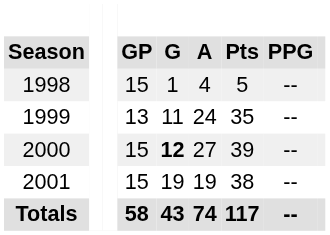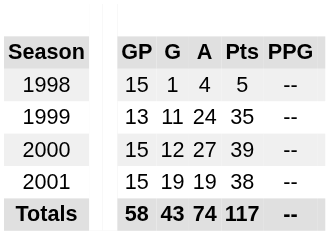 <table BORDER="0" CELLPADDING="3" CELLSPACING="0">
 <tr ALIGN="center" bgcolor="#e0e0e0">
 <th colspan="1" bgcolor="#ffffff"> </th>
 <th rowspan="99" bgcolor="#ffffff"> </th>
 <th rowspan="99" bgcolor="#ffffff"> </th>
 </tr>
 <tr ALIGN="center" bgcolor="#e0e0e0">
 <th>Season</th>
 <th>GP</th>
 <th>G</th>
 <th>A</th>
 <th>Pts</th>
 <th>PPG</th>
 <th></th>
 </tr>
 <tr ALIGN="center" bgcolor="#f0f0f0">
 <td>1998</td>
 <td>15</td>
 <td>1</td>
 <td>4</td>
 <td>5</td>
 <td>--</td>
 <td></td>
 </tr>
 <tr ALIGN="center">
 <td>1999</td>
 <td>13</td>
 <td>11</td>
 <td>24</td>
 <td>35</td>
 <td>--</td>
 <td></td>
 </tr>
 <tr ALIGN="center" bgcolor="#f0f0f0">
 <td>2000</td>
 <td>15</td>
-<td><strong>12</strong></td>
+<td>12</td>
 <td>27</td>
 <td>39</td>
 <td>--</td>
 <td></td>
 </tr>
 <tr ALIGN="center">
 <td>2001</td>
 <td>15</td>
 <td>19</td>
 <td>19</td>
 <td>38</td>
 <td>--</td>
 <td></td>
 </tr>
 <tr ALIGN="center"  bgcolor="#e0e0e0">
 <th colspan="1.5">Totals</th>
 <th>58</th>
 <th>43</th>
 <th>74</th>
 <th>117</th>
 <th>--</th>
 <th></th>
 </tr>
 </table>
